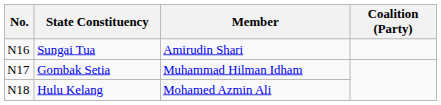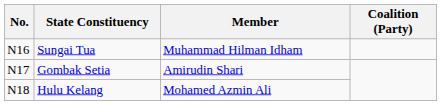 <table class="wikitable">
 <tr>
 <th width="30">No.</th>
 <th width="150">State Constituency</th>
 <th width="230">Member</th>
 <th width="100">Coalition (Party)</th>
 </tr>
 <tr>
 <td>N16</td>
 <td><a href='#'>Sungai Tua</a></td>
-<td><a href='#'>Amirudin Shari</a></td>
+<td><a href='#'>Muhammad Hilman Idham</a></td>
 <td></td>
 </tr>
 <tr>
 <td>N17</td>
 <td><a href='#'>Gombak Setia</a></td>
-<td><a href='#'>Muhammad Hilman Idham</a></td>
+<td><a href='#'>Amirudin Shari</a></td>
 <td rowspan=2></td>
 </tr>
 <tr>
 <td>N18</td>
 <td><a href='#'>Hulu Kelang</a></td>
 <td><a href='#'>Mohamed Azmin Ali</a></td>
 </tr>
 </table>
